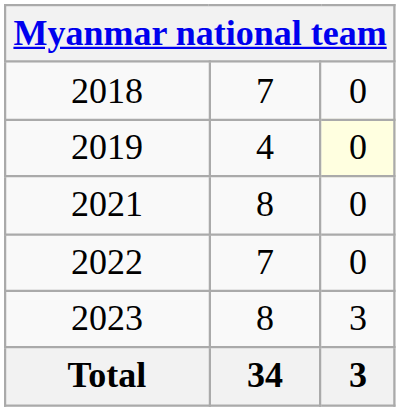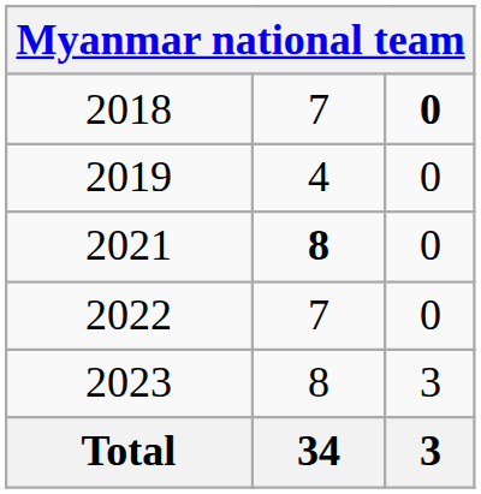 <table class="wikitable" style="text-align:center">
 <tr>
 <th colspan=3><a href='#'>Myanmar national team</a></th>
 </tr>
 <tr>
 <td>2018</td>
 <td>7</td>
-<td>0</td>
+<td><strong>0</strong></td>
 </tr>
 <tr>
 <td>2019</td>
 <td>4</td>
-<td style="background: lightyellow;">0</td>
+<td>0</td>
 </tr>
 <tr>
 <td>2021</td>
-<td>8</td>
+<td><strong>8</strong></td>
 <td>0</td>
 </tr>
 <tr>
 <td>2022</td>
 <td>7</td>
 <td>0</td>
 </tr>
 <tr>
 <td>2023</td>
 <td>8</td>
 <td>3</td>
 </tr>
 <tr>
 <th>Total</th>
 <th>34</th>
 <th>3</th>
 </tr>
 </table>
